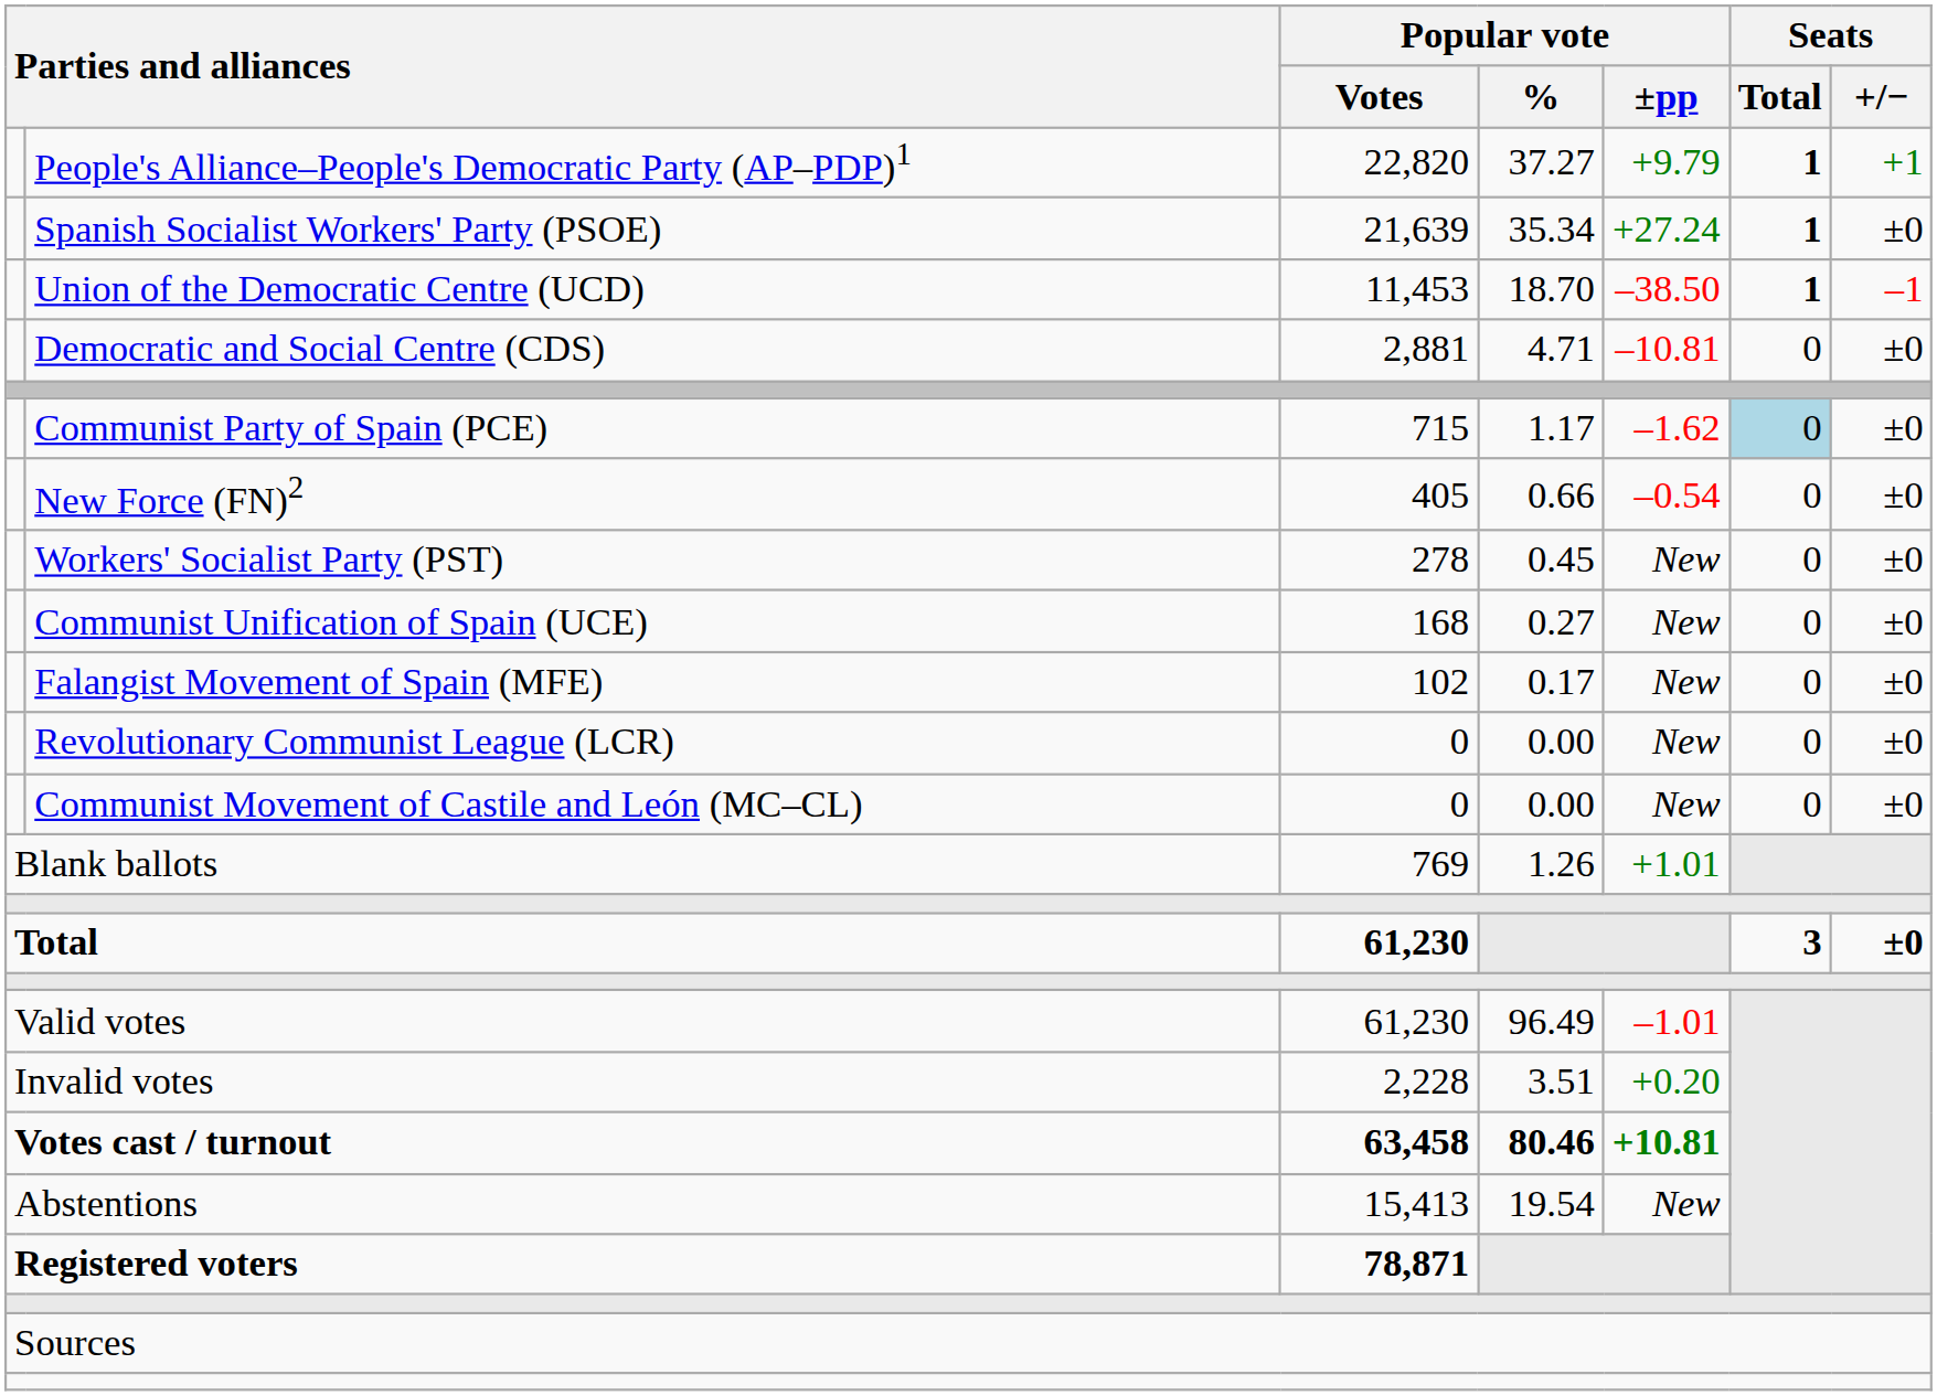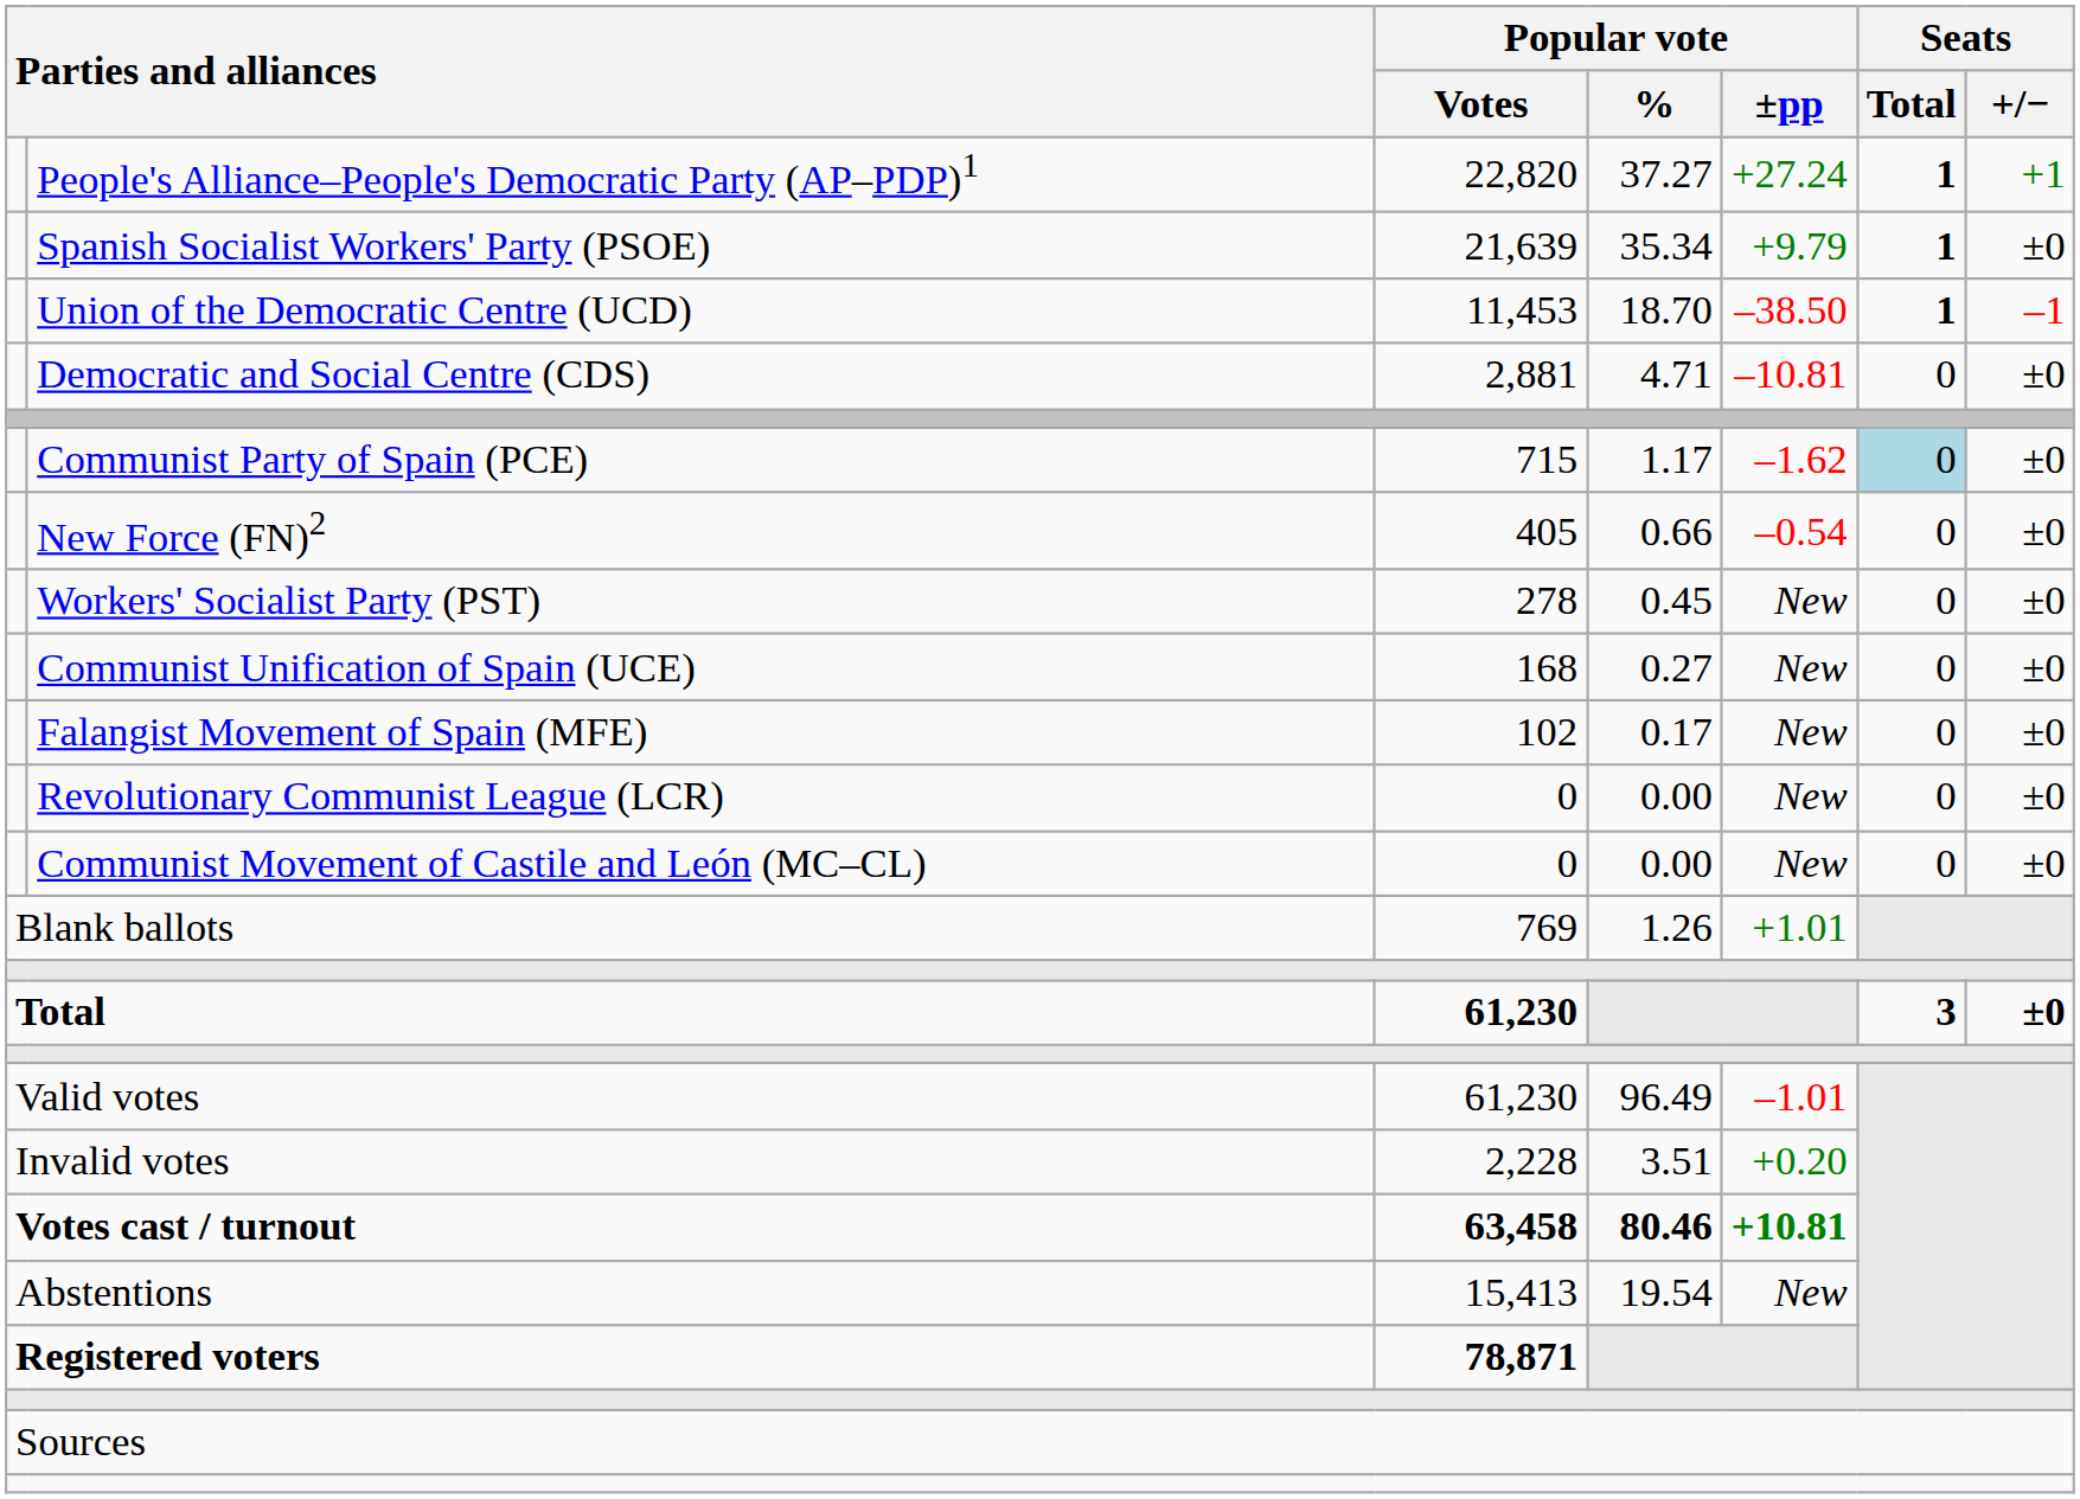 <table class="wikitable" style="text-align:right;">
 <tr>
 <th style="text-align:left;" rowspan="2" colspan="2" width="525">Parties and alliances</th>
 <th colspan="3">Popular vote</th>
 <th colspan="2">Seats</th>
 </tr>
 <tr>
 <th width="75">Votes</th>
 <th width="45">%</th>
 <th width="45">±<a href='#'>pp</a></th>
 <th width="35">Total</th>
 <th width="35">+/−</th>
 </tr>
 <tr>
 <td width="1" style="color:inherit;background:"></td>
 <td align="left"><a href='#'>People's Alliance–People's Democratic Party</a> (<a href='#'>AP</a>–<a href='#'>PDP</a>)<sup>1</sup></td>
 <td>22,820</td>
 <td>37.27</td>
-<td style="color:green;">+9.79</td>
+<td style="color:green;">+27.24</td>
 <td><strong>1</strong></td>
 <td style="color:green;">+1</td>
 </tr>
 <tr>
 <td style="color:inherit;background:"></td>
 <td align="left"><a href='#'>Spanish Socialist Workers' Party</a> (PSOE)</td>
 <td>21,639</td>
 <td>35.34</td>
-<td style="color:green;">+27.24</td>
+<td style="color:green;">+9.79</td>
 <td><strong>1</strong></td>
 <td>±0</td>
 </tr>
 <tr>
 <td style="color:inherit;background:"></td>
 <td align="left"><a href='#'>Union of the Democratic Centre</a> (UCD)</td>
 <td>11,453</td>
 <td>18.70</td>
 <td style="color:red;">–38.50</td>
 <td><strong>1</strong></td>
 <td style="color:red;">–1</td>
 </tr>
 <tr>
 <td style="color:inherit;background:"></td>
 <td align="left"><a href='#'>Democratic and Social Centre</a> (CDS)</td>
 <td>2,881</td>
 <td>4.71</td>
 <td style="color:red;">–10.81</td>
 <td>0</td>
 <td>±0</td>
 </tr>
 <tr>
 <td colspan="7" bgcolor="#C0C0C0"></td>
 </tr>
 <tr>
 <td style="color:inherit;background:"></td>
 <td align="left"><a href='#'>Communist Party of Spain</a> (PCE)</td>
 <td>715</td>
 <td>1.17</td>
 <td style="color:red;">–1.62</td>
 <td style="background: lightblue;">0</td>
 <td>±0</td>
 </tr>
 <tr>
 <td style="color:inherit;background:"></td>
 <td align="left"><a href='#'>New Force</a> (FN)<sup>2</sup></td>
 <td>405</td>
 <td>0.66</td>
 <td style="color:red;">–0.54</td>
 <td>0</td>
 <td>±0</td>
 </tr>
 <tr>
 <td style="color:inherit;background:"></td>
 <td align="left"><a href='#'>Workers' Socialist Party</a> (PST)</td>
 <td>278</td>
 <td>0.45</td>
 <td><em>New</em></td>
 <td>0</td>
 <td>±0</td>
 </tr>
 <tr>
 <td style="color:inherit;background:"></td>
 <td align="left"><a href='#'>Communist Unification of Spain</a> (UCE)</td>
 <td>168</td>
 <td>0.27</td>
 <td><em>New</em></td>
 <td>0</td>
 <td>±0</td>
 </tr>
 <tr>
 <td style="color:inherit;background:"></td>
 <td align="left"><a href='#'>Falangist Movement of Spain</a> (MFE)</td>
 <td>102</td>
 <td>0.17</td>
 <td><em>New</em></td>
 <td>0</td>
 <td>±0</td>
 </tr>
 <tr>
 <td style="color:inherit;background:"></td>
 <td align="left"><a href='#'>Revolutionary Communist League</a> (LCR)</td>
 <td>0</td>
 <td>0.00</td>
 <td><em>New</em></td>
 <td>0</td>
 <td>±0</td>
 </tr>
 <tr>
 <td style="color:inherit;background:"></td>
 <td align="left"><a href='#'>Communist Movement of Castile and León</a> (MC–CL)</td>
 <td>0</td>
 <td>0.00</td>
 <td><em>New</em></td>
 <td>0</td>
 <td>±0</td>
 </tr>
 <tr>
 <td align="left" colspan="2">Blank ballots</td>
 <td>769</td>
 <td>1.26</td>
 <td style="color:green;">+1.01</td>
 <td bgcolor="#E9E9E9" colspan="2"></td>
 </tr>
 <tr>
 <td colspan="7" bgcolor="#E9E9E9"></td>
 </tr>
 <tr style="font-weight:bold;">
 <td align="left" colspan="2">Total</td>
 <td>61,230</td>
 <td bgcolor="#E9E9E9" colspan="2"></td>
 <td>3</td>
 <td>±0</td>
 </tr>
 <tr>
 <td colspan="7" bgcolor="#E9E9E9"></td>
 </tr>
 <tr>
 <td align="left" colspan="2">Valid votes</td>
 <td>61,230</td>
 <td>96.49</td>
 <td style="color:red;">–1.01</td>
 <td bgcolor="#E9E9E9" colspan="2" rowspan="5"></td>
 </tr>
 <tr>
 <td align="left" colspan="2">Invalid votes</td>
 <td>2,228</td>
 <td>3.51</td>
 <td style="color:green;">+0.20</td>
 </tr>
 <tr style="font-weight:bold;">
 <td align="left" colspan="2">Votes cast / turnout</td>
 <td>63,458</td>
 <td>80.46</td>
 <td style="color:green;">+10.81</td>
 </tr>
 <tr>
 <td align="left" colspan="2">Abstentions</td>
 <td>15,413</td>
 <td>19.54</td>
 <td><em>New</em></td>
 </tr>
 <tr style="font-weight:bold;">
 <td align="left" colspan="2">Registered voters</td>
 <td>78,871</td>
 <td bgcolor="#E9E9E9" colspan="2"></td>
 </tr>
 <tr>
 <td colspan="7" bgcolor="#E9E9E9"></td>
 </tr>
 <tr>
 <td align="left" colspan="7">Sources</td>
 </tr>
 <tr>
 <td colspan="7" style="text-align:left; max-width:790px;"></td>
 </tr>
 </table>
